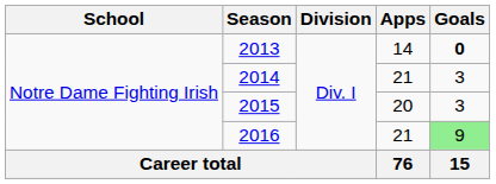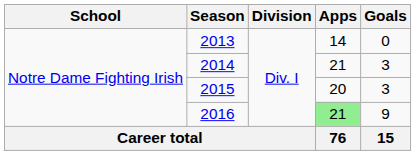 <table class="wikitable" style="text-align: center;">
 <tr>
 <th>School</th>
 <th>Season</th>
 <th>Division</th>
 <th>Apps</th>
 <th>Goals</th>
 </tr>
 <tr>
 <td rowspan="4"><a href='#'>Notre Dame Fighting Irish</a></td>
 <td><a href='#'>2013</a></td>
 <td rowspan="4"><a href='#'>Div. I</a></td>
 <td>14</td>
-<td><strong>0</strong></td>
+<td>0</td>
 </tr>
 <tr>
 <td><a href='#'>2014</a></td>
 <td>21</td>
 <td>3</td>
 </tr>
 <tr>
 <td><a href='#'>2015</a></td>
 <td>20</td>
 <td>3</td>
 </tr>
 <tr>
 <td><a href='#'>2016</a></td>
-<td>21</td>
-<td style="background: lightgreen;">9</td>
+<td style="background: lightgreen;">21</td>
+<td>9</td>
 </tr>
 <tr>
 <th colspan="3">Career total</th>
 <th>76</th>
 <th>15</th>
 </tr>
 </table>
